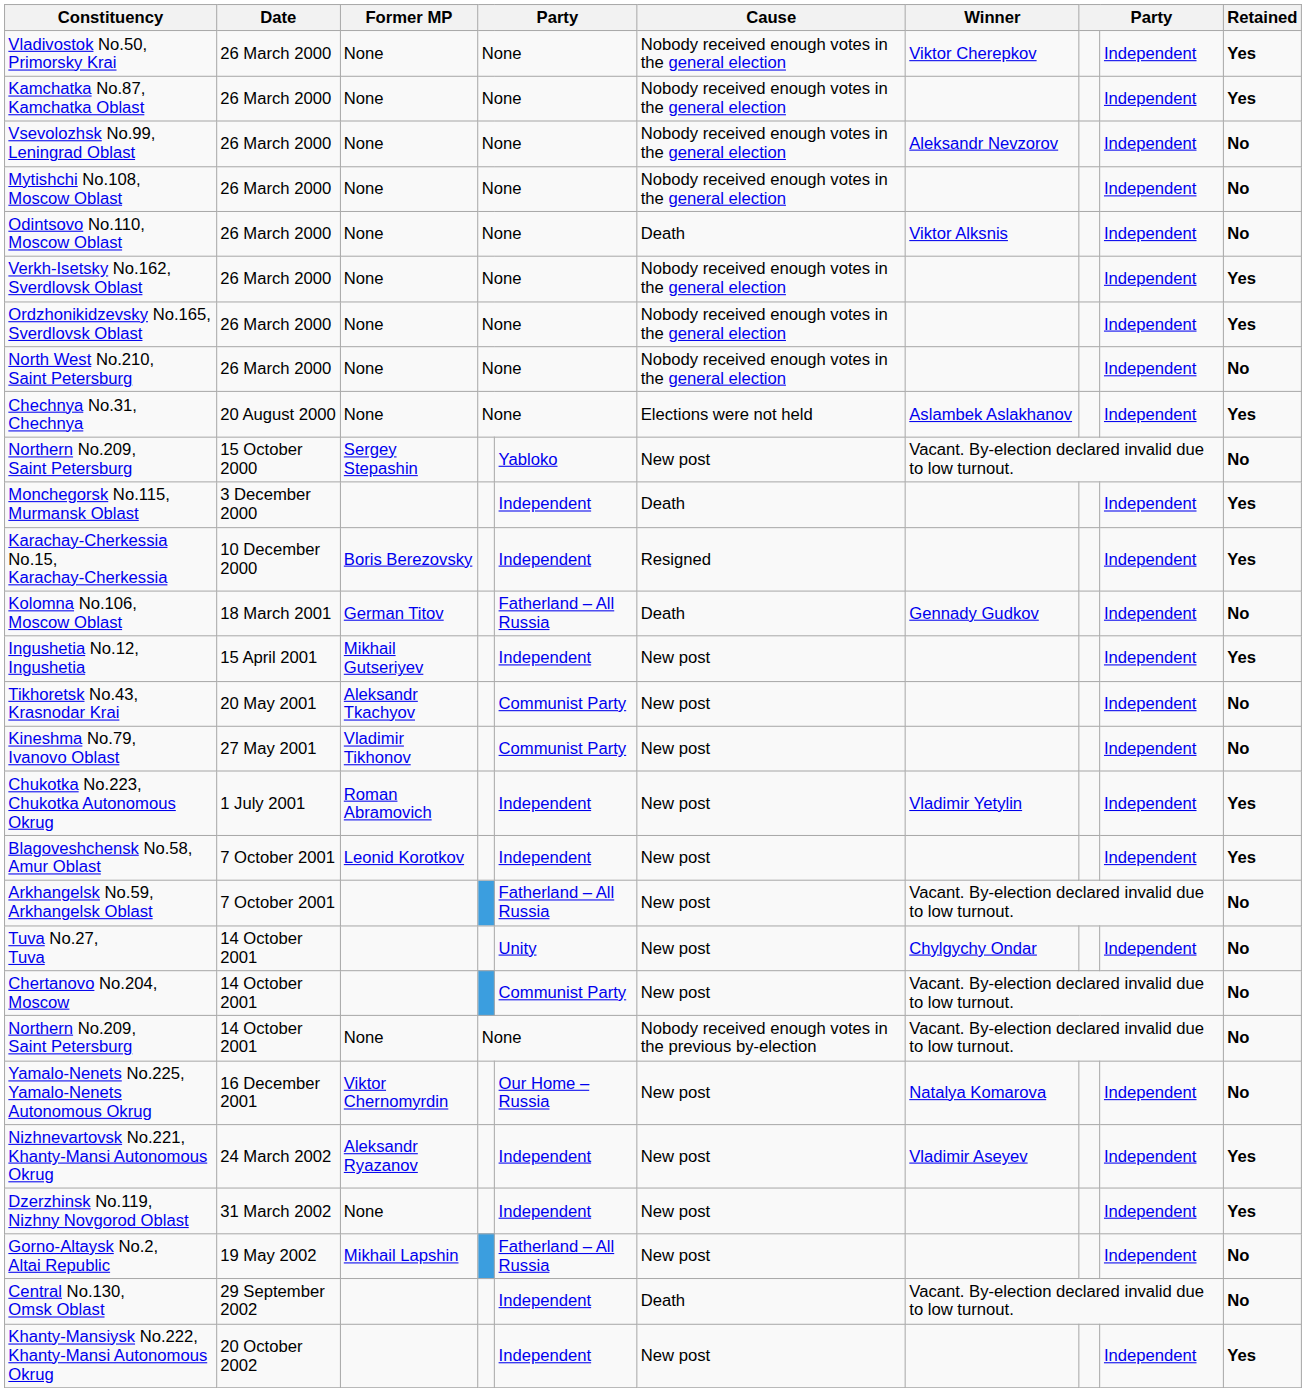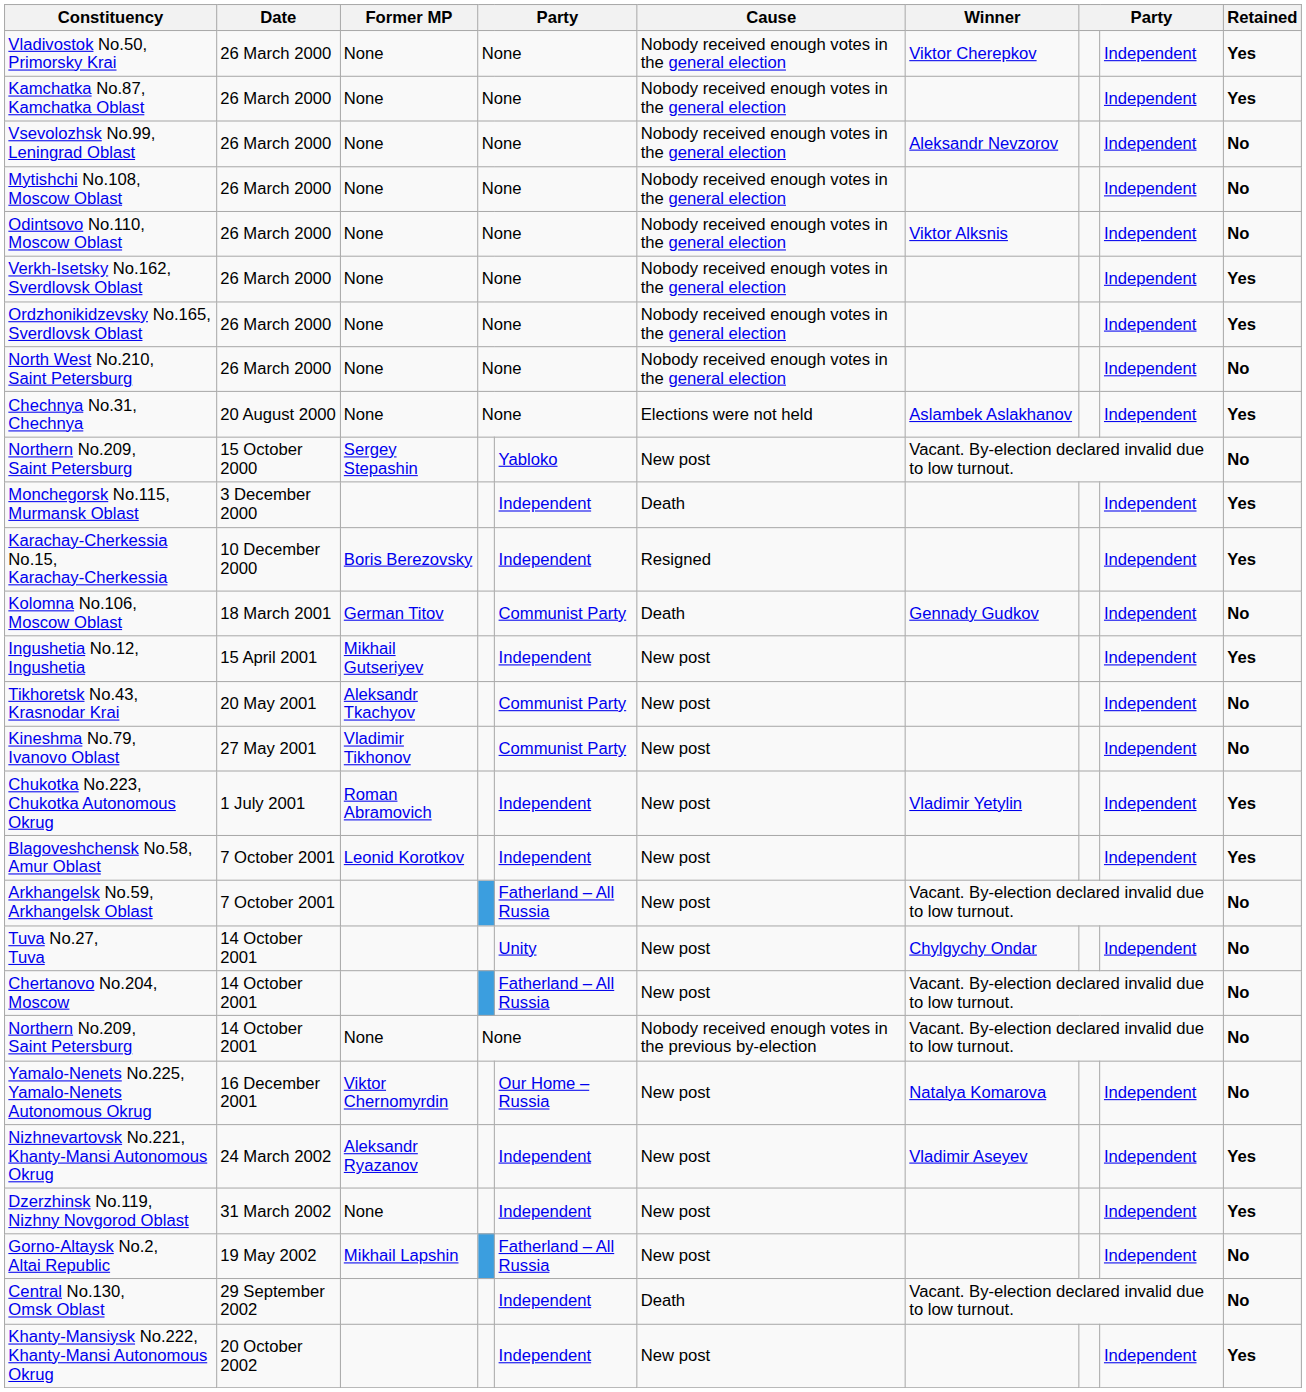 <table class="wikitable">
 <tr>
 <th>Constituency</th>
 <th>Date</th>
 <th>Former MP</th>
 <th colspan=2>Party</th>
 <th>Cause</th>
 <th>Winner</th>
 <th colspan=2>Party</th>
 <th>Retained</th>
 </tr>
 <tr>
 <td><a href='#'>Vladivostok</a> No.50,<br><a href='#'>Primorsky Krai</a></td>
 <td>26 March 2000</td>
 <td>None</td>
 <td colspan=2>None</td>
 <td>Nobody received enough votes in the <a href='#'>general election</a></td>
 <td><a href='#'>Viktor Cherepkov</a></td>
 <td style="background-color:">  </td>
 <td><a href='#'>Independent</a></td>
 <td><strong>Yes</strong></td>
 </tr>
 <tr>
 <td><a href='#'>Kamchatka</a> No.87,<br><a href='#'>Kamchatka Oblast</a></td>
 <td>26 March 2000</td>
 <td>None</td>
 <td colspan=2>None</td>
 <td>Nobody received enough votes in the <a href='#'>general election</a></td>
 <td></td>
 <td style="background-color:">  </td>
 <td><a href='#'>Independent</a></td>
 <td><strong>Yes</strong></td>
 </tr>
 <tr>
 <td><a href='#'>Vsevolozhsk</a> No.99,<br><a href='#'>Leningrad Oblast</a></td>
 <td>26 March 2000</td>
 <td>None</td>
 <td colspan=2>None</td>
 <td>Nobody received enough votes in the <a href='#'>general election</a></td>
 <td><a href='#'>Aleksandr Nevzorov</a></td>
 <td style="background-color:">  </td>
 <td><a href='#'>Independent</a></td>
 <td><strong>No</strong></td>
 </tr>
 <tr>
 <td><a href='#'>Mytishchi</a> No.108,<br><a href='#'>Moscow Oblast</a></td>
 <td>26 March 2000</td>
 <td>None</td>
 <td colspan=2>None</td>
 <td>Nobody received enough votes in the <a href='#'>general election</a></td>
 <td></td>
 <td style="background-color:">  </td>
 <td><a href='#'>Independent</a></td>
 <td><strong>No</strong></td>
 </tr>
 <tr>
 <td><a href='#'>Odintsovo</a> No.110,<br><a href='#'>Moscow Oblast</a></td>
 <td>26 March 2000</td>
 <td>None</td>
 <td colspan=2>None</td>
-<td>Death</td>
+<td>Nobody received enough votes in the <a href='#'>general election</a></td>
 <td><a href='#'>Viktor Alksnis</a></td>
 <td style="background-color:">  </td>
 <td><a href='#'>Independent</a></td>
 <td><strong>No</strong></td>
 </tr>
 <tr>
 <td><a href='#'>Verkh-Isetsky</a> No.162,<br><a href='#'>Sverdlovsk Oblast</a></td>
 <td>26 March 2000</td>
 <td>None</td>
 <td colspan=2>None</td>
 <td>Nobody received enough votes in the <a href='#'>general election</a></td>
 <td></td>
 <td style="background-color:">  </td>
 <td><a href='#'>Independent</a></td>
 <td><strong>Yes</strong></td>
 </tr>
 <tr>
 <td><a href='#'>Ordzhonikidzevsky</a> No.165,<br><a href='#'>Sverdlovsk Oblast</a></td>
 <td>26 March 2000</td>
 <td>None</td>
 <td colspan=2>None</td>
 <td>Nobody received enough votes in the <a href='#'>general election</a></td>
 <td></td>
 <td style="background-color:">  </td>
 <td><a href='#'>Independent</a></td>
 <td><strong>Yes</strong></td>
 </tr>
 <tr>
 <td><a href='#'>North West</a> No.210,<br><a href='#'>Saint Petersburg</a></td>
 <td>26 March 2000</td>
 <td>None</td>
 <td colspan=2>None</td>
 <td>Nobody received enough votes in the <a href='#'>general election</a></td>
 <td></td>
 <td style="background-color:">  </td>
 <td><a href='#'>Independent</a></td>
 <td><strong>No</strong></td>
 </tr>
 <tr>
 <td><a href='#'>Chechnya</a> No.31,<br><a href='#'>Chechnya</a></td>
 <td>20 August 2000</td>
 <td>None</td>
 <td colspan=2>None</td>
 <td>Elections were not held</td>
 <td><a href='#'>Aslambek Aslakhanov</a></td>
 <td style="background-color:">  </td>
 <td><a href='#'>Independent</a></td>
 <td><strong>Yes</strong></td>
 </tr>
 <tr>
 <td><a href='#'>Northern</a> No.209,<br><a href='#'>Saint Petersburg</a></td>
 <td>15 October 2000</td>
 <td><a href='#'>Sergey Stepashin</a></td>
 <td style="background-color:">  </td>
 <td><a href='#'>Yabloko</a></td>
 <td>New post</td>
 <td colspan=3>Vacant. By-election declared invalid due to low turnout.</td>
 <td><strong>No</strong></td>
 </tr>
 <tr>
 <td><a href='#'>Monchegorsk</a> No.115,<br><a href='#'>Murmansk Oblast</a></td>
 <td>3 December 2000</td>
 <td></td>
 <td style="background-color:">  </td>
 <td><a href='#'>Independent</a></td>
 <td>Death</td>
 <td></td>
 <td style="background-color:">  </td>
 <td><a href='#'>Independent</a></td>
 <td><strong>Yes</strong></td>
 </tr>
 <tr>
 <td><a href='#'>Karachay-Cherkessia</a> No.15,<br><a href='#'>Karachay-Cherkessia</a></td>
 <td>10 December 2000</td>
 <td><a href='#'>Boris Berezovsky</a></td>
 <td style="background-color:">  </td>
 <td><a href='#'>Independent</a></td>
 <td>Resigned</td>
 <td></td>
 <td style="background-color:">  </td>
 <td><a href='#'>Independent</a></td>
 <td><strong>Yes</strong></td>
 </tr>
 <tr>
 <td><a href='#'>Kolomna</a> No.106,<br><a href='#'>Moscow Oblast</a></td>
 <td>18 March 2001</td>
 <td><a href='#'>German Titov</a></td>
 <td style="background-color:">  </td>
-<td><a href='#'>Fatherland – All Russia</a></td>
+<td><a href='#'>Communist Party</a></td>
 <td>Death</td>
 <td><a href='#'>Gennady Gudkov</a></td>
 <td style="background-color:">  </td>
 <td><a href='#'>Independent</a></td>
 <td><strong>No</strong></td>
 </tr>
 <tr>
 <td><a href='#'>Ingushetia</a> No.12,<br><a href='#'>Ingushetia</a></td>
 <td>15 April 2001</td>
 <td><a href='#'>Mikhail Gutseriyev</a></td>
 <td style="background-color:">  </td>
 <td><a href='#'>Independent</a></td>
 <td>New post</td>
 <td></td>
 <td style="background-color:">  </td>
 <td><a href='#'>Independent</a></td>
 <td><strong>Yes</strong></td>
 </tr>
 <tr>
 <td><a href='#'>Tikhoretsk</a> No.43,<br><a href='#'>Krasnodar Krai</a></td>
 <td>20 May 2001</td>
 <td><a href='#'>Aleksandr Tkachyov</a></td>
 <td style="background-color:">  </td>
 <td><a href='#'>Communist Party</a></td>
 <td>New post</td>
 <td></td>
 <td style="background-color:">  </td>
 <td><a href='#'>Independent</a></td>
 <td><strong>No</strong></td>
 </tr>
 <tr>
 <td><a href='#'>Kineshma</a> No.79,<br><a href='#'>Ivanovo Oblast</a></td>
 <td>27 May 2001</td>
 <td><a href='#'>Vladimir Tikhonov</a></td>
 <td style="background-color:">  </td>
 <td><a href='#'>Communist Party</a></td>
 <td>New post</td>
 <td></td>
 <td style="background-color:">  </td>
 <td><a href='#'>Independent</a></td>
 <td><strong>No</strong></td>
 </tr>
 <tr>
 <td><a href='#'>Chukotka</a> No.223,<br><a href='#'>Chukotka Autonomous Okrug</a></td>
 <td>1 July 2001</td>
 <td><a href='#'>Roman Abramovich</a></td>
 <td style="background-color:">  </td>
 <td><a href='#'>Independent</a></td>
 <td>New post</td>
 <td><a href='#'>Vladimir Yetylin</a></td>
 <td style="background-color:">  </td>
 <td><a href='#'>Independent</a></td>
 <td><strong>Yes</strong></td>
 </tr>
 <tr>
 <td><a href='#'>Blagoveshchensk</a> No.58,<br><a href='#'>Amur Oblast</a></td>
 <td>7 October 2001</td>
 <td><a href='#'>Leonid Korotkov</a></td>
 <td style="background-color:">  </td>
 <td><a href='#'>Independent</a></td>
 <td>New post</td>
 <td></td>
 <td style="background-color:">  </td>
 <td><a href='#'>Independent</a></td>
 <td><strong>Yes</strong></td>
 </tr>
 <tr>
 <td><a href='#'>Arkhangelsk</a> No.59,<br><a href='#'>Arkhangelsk Oblast</a></td>
 <td>7 October 2001</td>
 <td></td>
 <td style="background-color:#3B9EDF">  </td>
 <td><a href='#'>Fatherland – All Russia</a></td>
 <td>New post</td>
 <td colspan=3>Vacant. By-election declared invalid due to low turnout.</td>
 <td><strong>No</strong></td>
 </tr>
 <tr>
 <td><a href='#'>Tuva</a> No.27,<br><a href='#'>Tuva</a></td>
 <td>14 October 2001</td>
 <td></td>
 <td style="background-color:">  </td>
 <td><a href='#'>Unity</a></td>
 <td>New post</td>
 <td><a href='#'>Chylgychy Ondar</a></td>
 <td style="background-color:">  </td>
 <td><a href='#'>Independent</a></td>
 <td><strong>No</strong></td>
 </tr>
 <tr>
 <td><a href='#'>Chertanovo</a> No.204,<br><a href='#'>Moscow</a></td>
 <td>14 October 2001</td>
 <td></td>
 <td style="background-color:#3B9EDF">  </td>
-<td><a href='#'>Communist Party</a></td>
+<td><a href='#'>Fatherland – All Russia</a></td>
 <td>New post</td>
 <td colspan=3>Vacant. By-election declared invalid due to low turnout.</td>
 <td><strong>No</strong></td>
 </tr>
 <tr>
 <td><a href='#'>Northern</a> No.209,<br><a href='#'>Saint Petersburg</a></td>
 <td>14 October 2001</td>
 <td>None</td>
 <td colspan=2>None</td>
 <td>Nobody received enough votes in the previous by-election</td>
 <td colspan=3>Vacant. By-election declared invalid due to low turnout.</td>
 <td><strong>No</strong></td>
 </tr>
 <tr>
 <td><a href='#'>Yamalo-Nenets</a> No.225,<br><a href='#'>Yamalo-Nenets Autonomous Okrug</a></td>
 <td>16 December 2001</td>
 <td><a href='#'>Viktor Chernomyrdin</a></td>
 <td style="background-color:">  </td>
 <td><a href='#'>Our Home – Russia</a></td>
 <td>New post</td>
 <td><a href='#'>Natalya Komarova</a></td>
 <td style="background-color:">  </td>
 <td><a href='#'>Independent</a></td>
 <td><strong>No</strong></td>
 </tr>
 <tr>
 <td><a href='#'>Nizhnevartovsk</a> No.221,<br><a href='#'>Khanty-Mansi Autonomous Okrug</a></td>
 <td>24 March 2002</td>
 <td><a href='#'>Aleksandr Ryazanov</a></td>
 <td style="background-color:">  </td>
 <td><a href='#'>Independent</a></td>
 <td>New post</td>
 <td><a href='#'>Vladimir Aseyev</a></td>
 <td style="background-color:">  </td>
 <td><a href='#'>Independent</a></td>
 <td><strong>Yes</strong></td>
 </tr>
 <tr>
 <td><a href='#'>Dzerzhinsk</a> No.119,<br><a href='#'>Nizhny Novgorod Oblast</a></td>
 <td>31 March 2002</td>
 <td>None</td>
 <td style="background-color:">  </td>
 <td><a href='#'>Independent</a></td>
 <td>New post</td>
 <td></td>
 <td style="background-color:">  </td>
 <td><a href='#'>Independent</a></td>
 <td><strong>Yes</strong></td>
 </tr>
 <tr>
 <td><a href='#'>Gorno-Altaysk</a> No.2,<br><a href='#'>Altai Republic</a></td>
 <td>19 May 2002</td>
 <td><a href='#'>Mikhail Lapshin</a></td>
 <td style="background-color:#3B9EDF">  </td>
 <td><a href='#'>Fatherland – All Russia</a></td>
 <td>New post</td>
 <td></td>
 <td style="background-color:">  </td>
 <td><a href='#'>Independent</a></td>
 <td><strong>No</strong></td>
 </tr>
 <tr>
 <td><a href='#'>Central</a> No.130,<br><a href='#'>Omsk Oblast</a></td>
 <td>29 September 2002</td>
 <td></td>
 <td style="background-color:">  </td>
 <td><a href='#'>Independent</a></td>
 <td>Death</td>
 <td colspan=3>Vacant. By-election declared invalid due to low turnout.</td>
 <td><strong>No</strong></td>
 </tr>
 <tr>
 <td><a href='#'>Khanty-Mansiysk</a> No.222,<br><a href='#'>Khanty-Mansi Autonomous Okrug</a></td>
 <td>20 October 2002</td>
 <td></td>
 <td style="background-color:">  </td>
 <td><a href='#'>Independent</a></td>
 <td>New post</td>
 <td></td>
 <td style="background-color:">  </td>
 <td><a href='#'>Independent</a></td>
 <td><strong>Yes</strong></td>
 </tr>
 </table>
